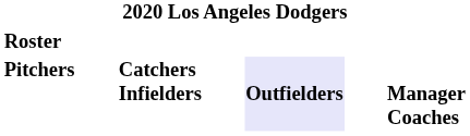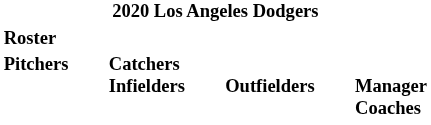 <table class="toccolours" style="font-size: 95%;">
 <tr>
 <th colspan="10">2020 Los Angeles Dodgers</th>
 </tr>
 <tr>
 <td colspan="10"><strong>Roster</strong></td>
 </tr>
 <tr>
 <td valign="top"><strong>Pitchers</strong><br>                    </td>
 <td width="25px"></td>
 <td valign="top"><strong>Catchers</strong><br>   <strong>Infielders</strong>        </td>
 <td width="25px"></td>
-<td valign="top" style="background: lavender;"><br><strong>Outfielders</strong>      </td>
+<td valign="top"><br><strong>Outfielders</strong>      </td>
 <td width="25px"></td>
 <td valign="top"><br><strong>Manager</strong> <br><strong>Coaches</strong>                      </td>
 </tr>
 </table>
